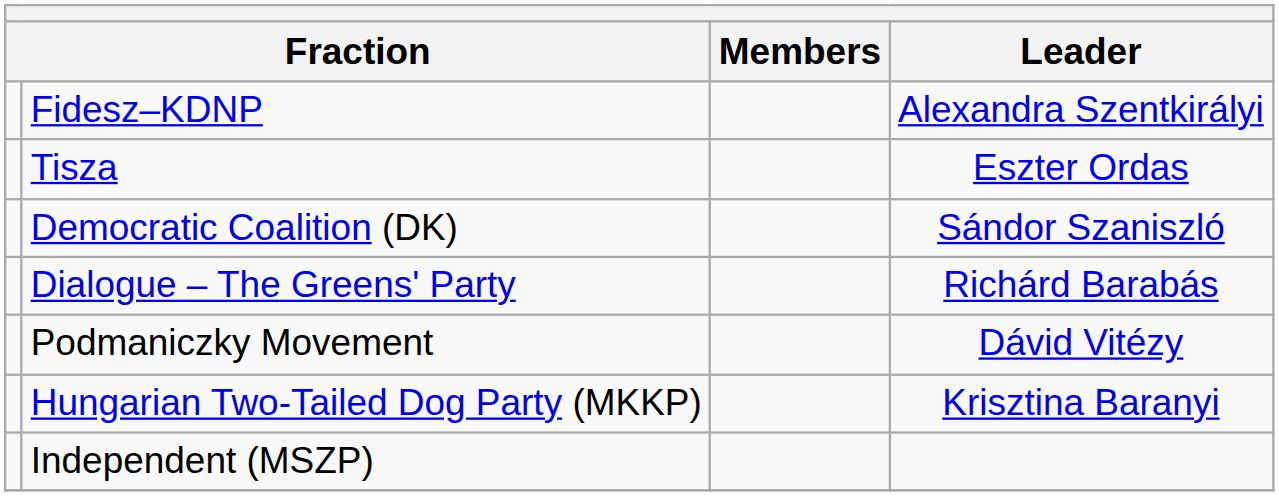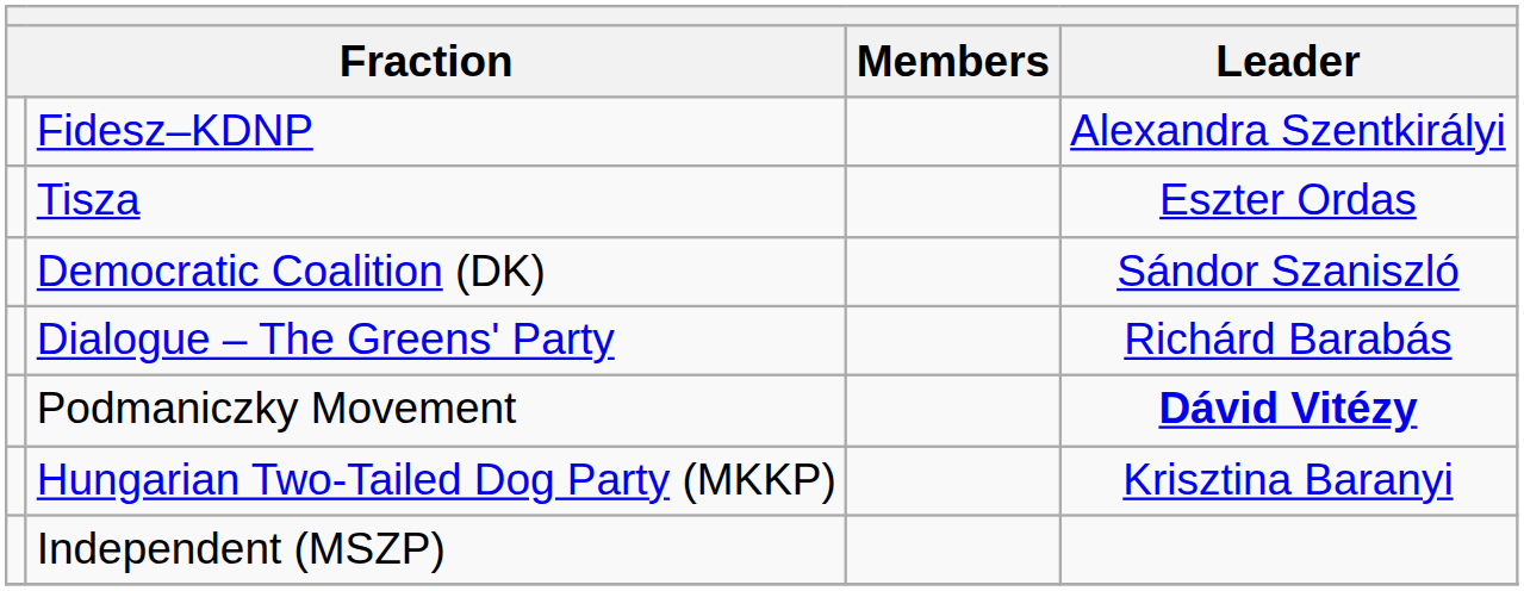 <table class=wikitable style="text-align:center">
 <tr>
 <th colspan="5"></th>
 </tr>
 <tr>
 <th colspan="2">Fraction</th>
 <th>Members</th>
 <th>Leader</th>
 </tr>
 <tr>
 <td bgcolor=></td>
 <td align=left><a href='#'>Fidesz–KDNP</a></td>
 <td></td>
 <td><a href='#'>Alexandra Szentkirályi</a></td>
 </tr>
 <tr>
 <td bgcolor=></td>
 <td align=left><a href='#'>Tisza</a></td>
 <td></td>
 <td><a href='#'>Eszter Ordas</a></td>
 </tr>
 <tr>
 <td bgcolor=></td>
 <td align=left><a href='#'>Democratic Coalition</a> (DK)</td>
 <td></td>
 <td><a href='#'>Sándor Szaniszló</a></td>
 </tr>
 <tr>
 <td bgcolor=></td>
 <td align=left><a href='#'>Dialogue – The Greens' Party</a></td>
 <td></td>
 <td><a href='#'>Richárd Barabás</a></td>
 </tr>
 <tr>
 <td bgcolor=></td>
 <td align=left>Podmaniczky Movement</td>
 <td></td>
-<td><a href='#'>Dávid Vitézy</a></td>
+<td><strong><a href='#'>Dávid Vitézy</a></strong></td>
 </tr>
 <tr>
 <td bgcolor=></td>
 <td align=left><a href='#'>Hungarian Two-Tailed Dog Party</a> (MKKP)</td>
 <td></td>
 <td><a href='#'>Krisztina Baranyi</a></td>
 </tr>
 <tr>
 <td bgcolor=></td>
 <td align=left>Independent (MSZP)</td>
 <td></td>
 <td></td>
 </tr>
 <tr>
 </tr>
 </table>
